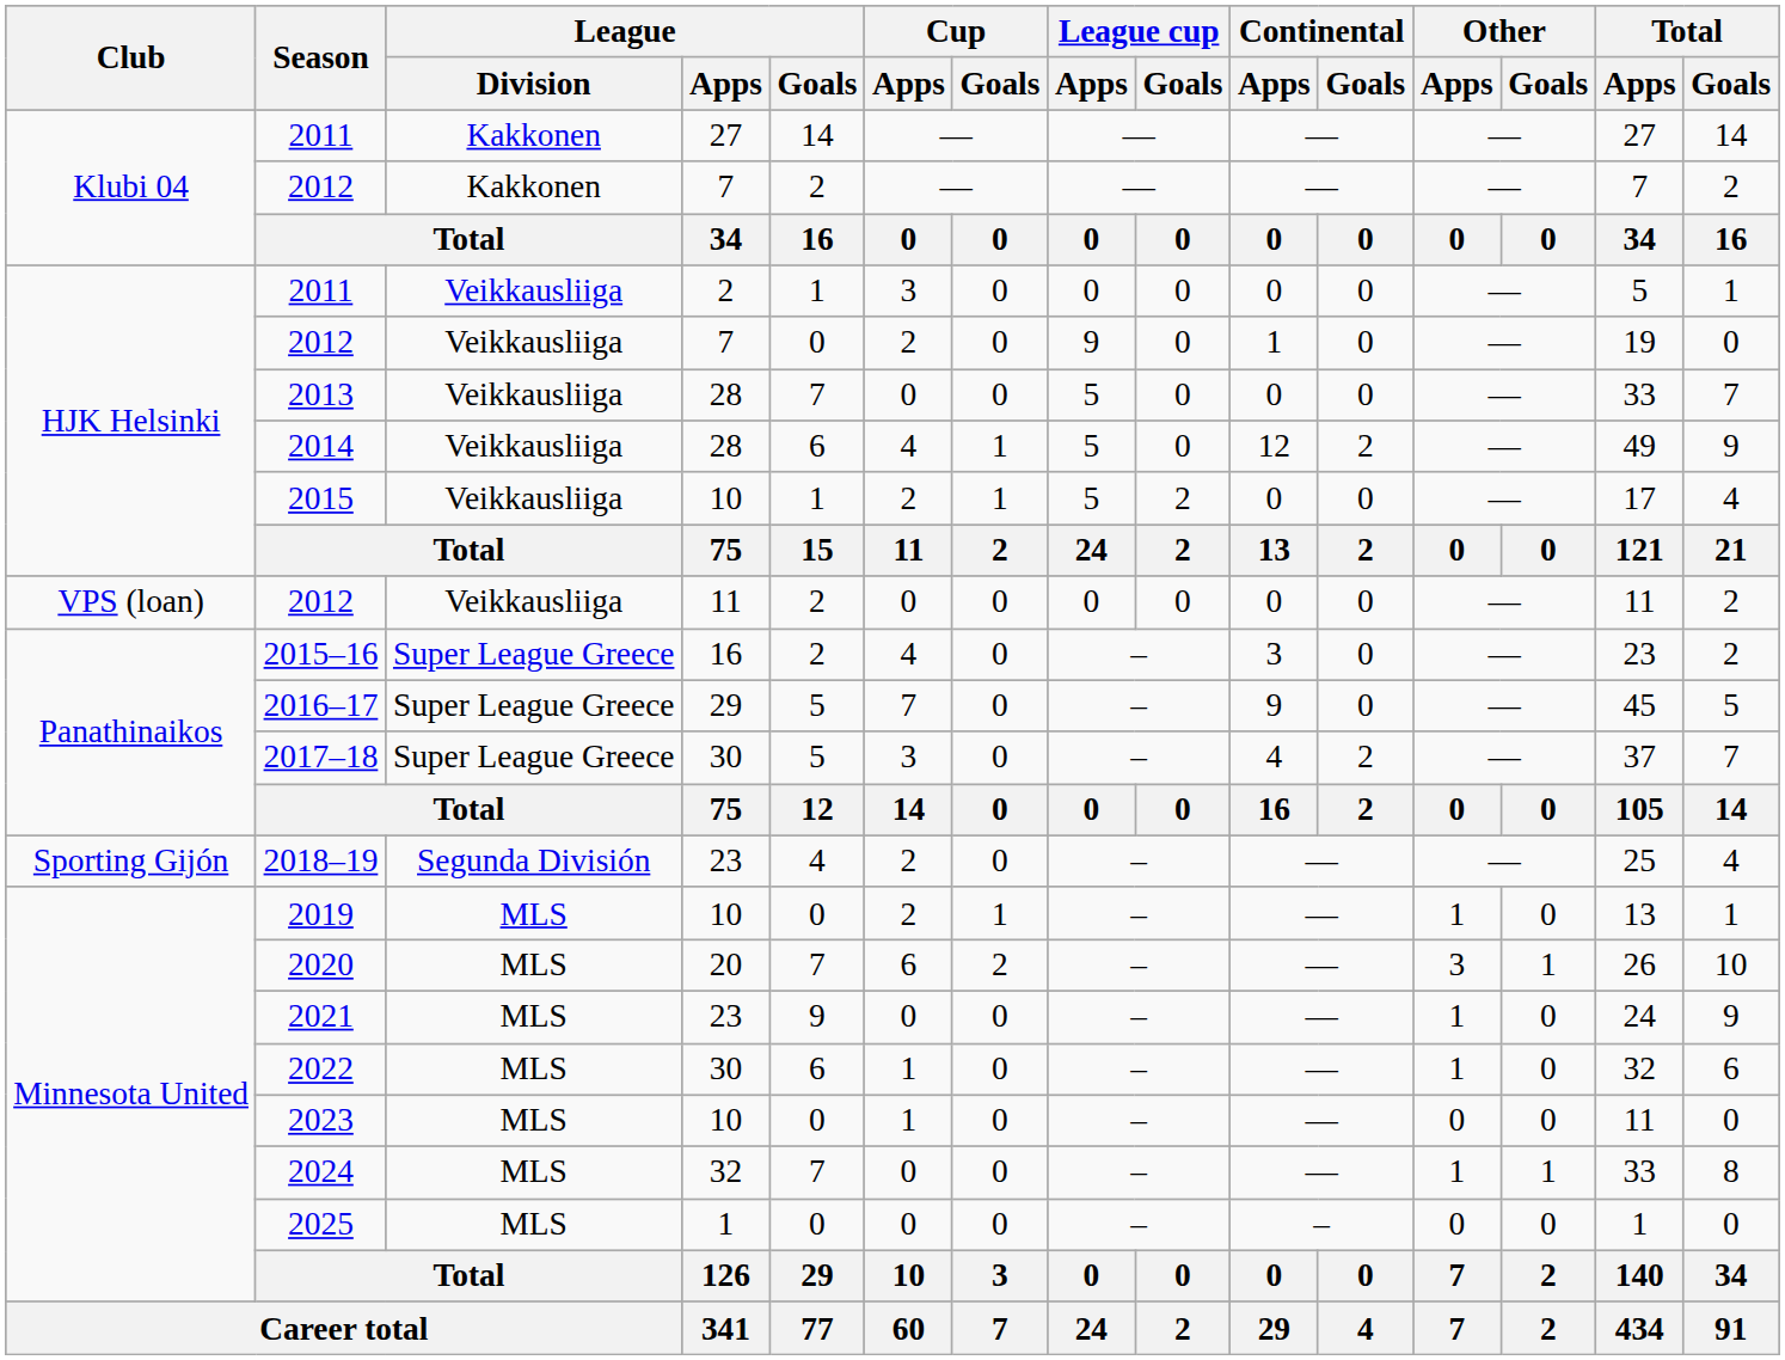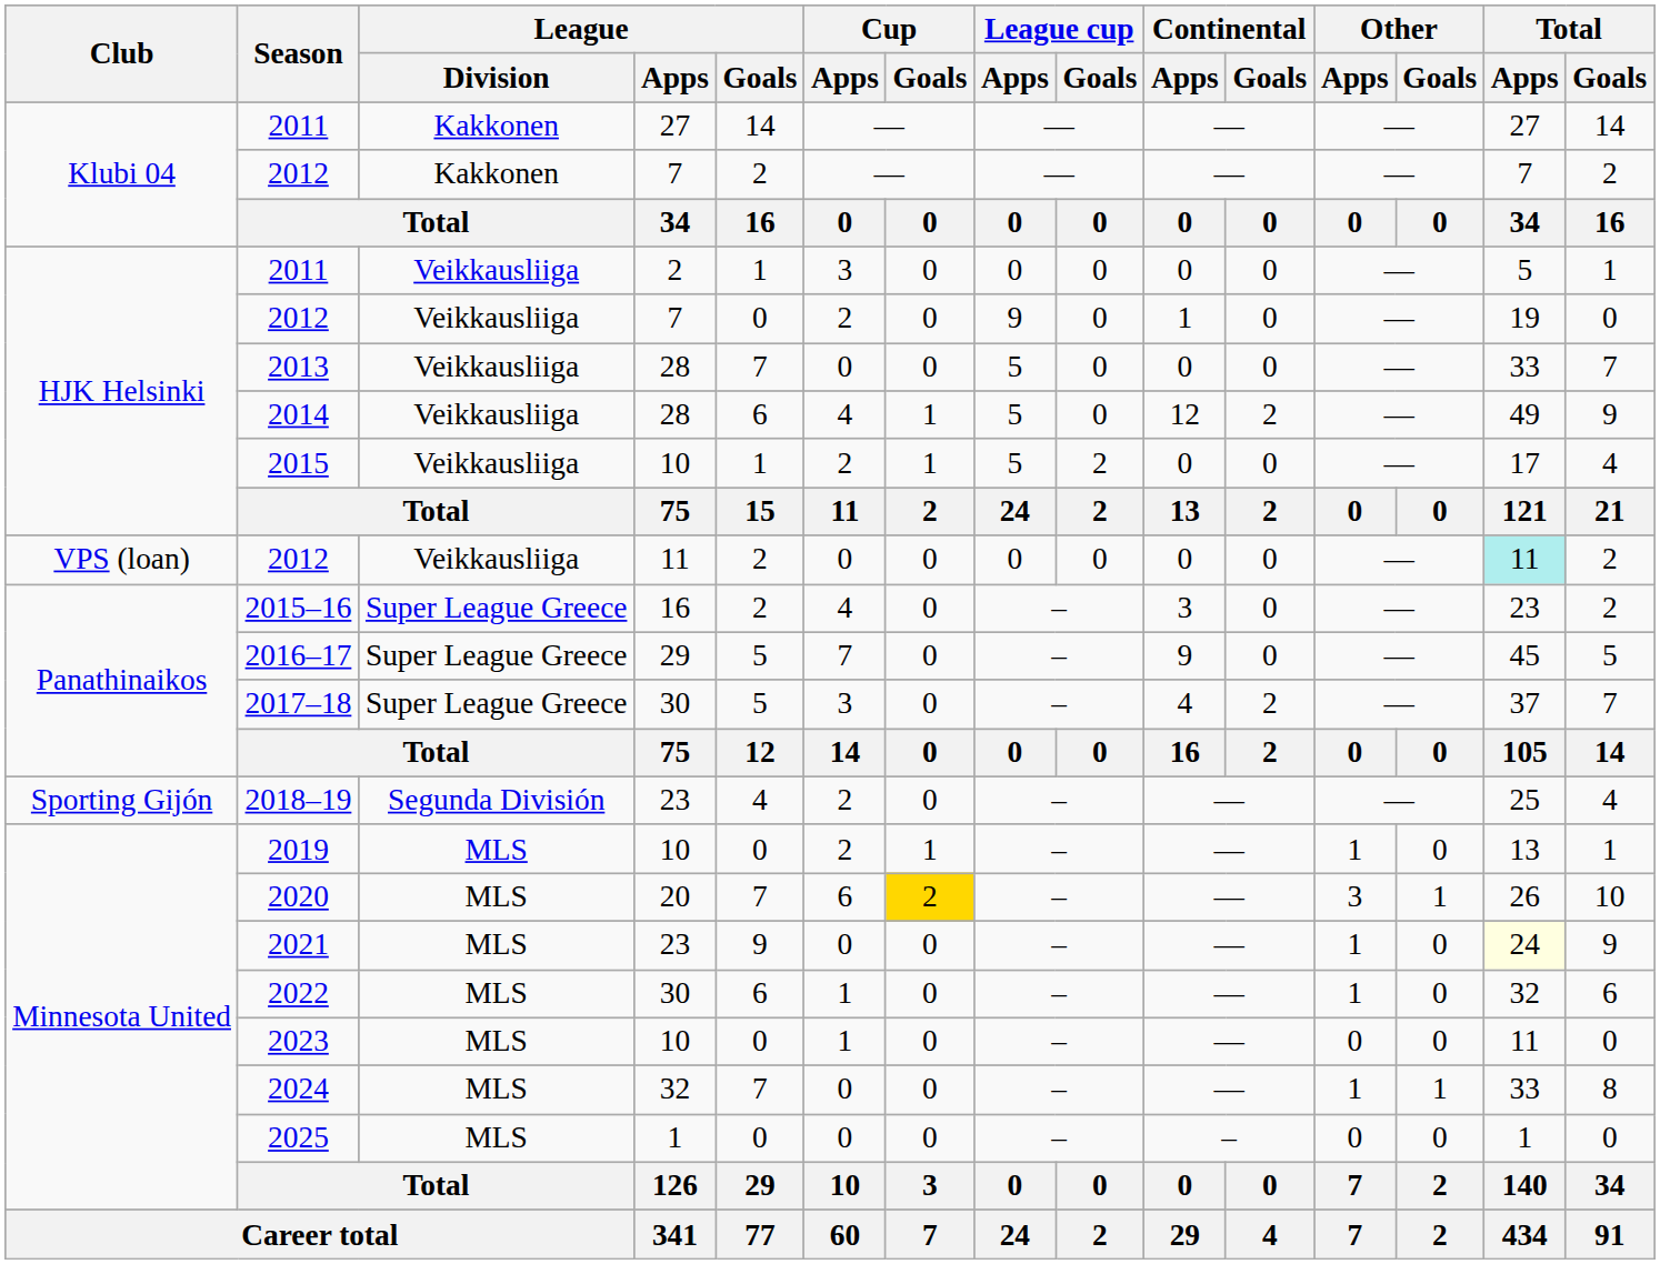 <table class="wikitable" style="text-align:center">
 <tr>
 <th rowspan="2">Club</th>
 <th rowspan="2">Season</th>
 <th colspan="3">League</th>
 <th colspan="2">Cup</th>
 <th colspan="2"><a href='#'>League cup</a></th>
 <th colspan="2">Continental</th>
 <th colspan="2">Other</th>
 <th colspan="2">Total</th>
 </tr>
 <tr>
 <th>Division</th>
 <th>Apps</th>
 <th>Goals</th>
 <th>Apps</th>
 <th>Goals</th>
 <th>Apps</th>
 <th>Goals</th>
 <th>Apps</th>
 <th>Goals</th>
 <th>Apps</th>
 <th>Goals</th>
 <th>Apps</th>
 <th>Goals</th>
 </tr>
 <tr>
 <td rowspan="3"><a href='#'>Klubi 04</a></td>
 <td><a href='#'>2011</a></td>
 <td><a href='#'>Kakkonen</a></td>
 <td>27</td>
 <td>14</td>
 <td colspan="2">—</td>
 <td colspan="2">—</td>
 <td colspan="2">—</td>
 <td colspan="2">—</td>
 <td>27</td>
 <td>14</td>
 </tr>
 <tr>
 <td><a href='#'>2012</a></td>
 <td>Kakkonen</td>
 <td>7</td>
 <td>2</td>
 <td colspan="2">—</td>
 <td colspan="2">—</td>
 <td colspan="2">—</td>
 <td colspan="2">—</td>
 <td>7</td>
 <td>2</td>
 </tr>
 <tr>
 <th colspan="2">Total</th>
 <th>34</th>
 <th>16</th>
 <th>0</th>
 <th>0</th>
 <th>0</th>
 <th>0</th>
 <th>0</th>
 <th>0</th>
 <th>0</th>
 <th>0</th>
 <th>34</th>
 <th>16</th>
 </tr>
 <tr>
 <td rowspan="6"><a href='#'>HJK Helsinki</a></td>
 <td><a href='#'>2011</a></td>
 <td><a href='#'>Veikkausliiga</a></td>
 <td>2</td>
 <td>1</td>
 <td>3</td>
 <td>0</td>
 <td>0</td>
 <td>0</td>
 <td>0</td>
 <td>0</td>
 <td colspan="2">—</td>
 <td>5</td>
 <td>1</td>
 </tr>
 <tr>
 <td><a href='#'>2012</a></td>
 <td>Veikkausliiga</td>
 <td>7</td>
 <td>0</td>
 <td>2</td>
 <td>0</td>
 <td>9</td>
 <td>0</td>
 <td>1</td>
 <td>0</td>
 <td colspan="2">—</td>
 <td>19</td>
 <td>0</td>
 </tr>
 <tr>
 <td><a href='#'>2013</a></td>
 <td>Veikkausliiga</td>
 <td>28</td>
 <td>7</td>
 <td>0</td>
 <td>0</td>
 <td>5</td>
 <td>0</td>
 <td>0</td>
 <td>0</td>
 <td colspan="2">—</td>
 <td>33</td>
 <td>7</td>
 </tr>
 <tr>
 <td><a href='#'>2014</a></td>
 <td>Veikkausliiga</td>
 <td>28</td>
 <td>6</td>
 <td>4</td>
 <td>1</td>
 <td>5</td>
 <td>0</td>
 <td>12</td>
 <td>2</td>
 <td colspan="2">—</td>
 <td>49</td>
 <td>9</td>
 </tr>
 <tr>
 <td><a href='#'>2015</a></td>
 <td>Veikkausliiga</td>
 <td>10</td>
 <td>1</td>
 <td>2</td>
 <td>1</td>
 <td>5</td>
 <td>2</td>
 <td>0</td>
 <td>0</td>
 <td colspan="2">—</td>
 <td>17</td>
 <td>4</td>
 </tr>
 <tr>
 <th colspan="2">Total</th>
 <th>75</th>
 <th>15</th>
 <th>11</th>
 <th>2</th>
 <th>24</th>
 <th>2</th>
 <th>13</th>
 <th>2</th>
 <th>0</th>
 <th>0</th>
 <th>121</th>
 <th>21</th>
 </tr>
 <tr>
 <td><a href='#'>VPS</a> (loan)</td>
 <td><a href='#'>2012</a></td>
 <td>Veikkausliiga</td>
 <td>11</td>
 <td>2</td>
 <td>0</td>
 <td>0</td>
 <td>0</td>
 <td>0</td>
 <td>0</td>
 <td>0</td>
 <td colspan="2">—</td>
-<td>11</td>
+<td style="background: paleturquoise;">11</td>
 <td>2</td>
 </tr>
 <tr>
 <td rowspan="4"><a href='#'>Panathinaikos</a></td>
 <td><a href='#'>2015–16</a></td>
 <td><a href='#'>Super League Greece</a></td>
 <td>16</td>
 <td>2</td>
 <td>4</td>
 <td>0</td>
 <td colspan=2>–</td>
 <td>3</td>
 <td>0</td>
 <td colspan="2">—</td>
 <td>23</td>
 <td>2</td>
 </tr>
 <tr>
 <td><a href='#'>2016–17</a></td>
 <td>Super League Greece</td>
 <td>29</td>
 <td>5</td>
 <td>7</td>
 <td>0</td>
 <td colspan=2>–</td>
 <td>9</td>
 <td>0</td>
 <td colspan="2">—</td>
 <td>45</td>
 <td>5</td>
 </tr>
 <tr>
 <td><a href='#'>2017–18</a></td>
 <td>Super League Greece</td>
 <td>30</td>
 <td>5</td>
 <td>3</td>
 <td>0</td>
 <td colspan=2>–</td>
 <td>4</td>
 <td>2</td>
 <td colspan="2">—</td>
 <td>37</td>
 <td>7</td>
 </tr>
 <tr>
 <th colspan="2">Total</th>
 <th>75</th>
 <th>12</th>
 <th>14</th>
 <th>0</th>
 <th>0</th>
 <th>0</th>
 <th>16</th>
 <th>2</th>
 <th>0</th>
 <th>0</th>
 <th>105</th>
 <th>14</th>
 </tr>
 <tr>
 <td><a href='#'>Sporting Gijón</a></td>
 <td><a href='#'>2018–19</a></td>
 <td><a href='#'>Segunda División</a></td>
 <td>23</td>
 <td>4</td>
 <td>2</td>
 <td>0</td>
 <td colspan=2>–</td>
 <td colspan="2">—</td>
 <td colspan="2">—</td>
 <td>25</td>
 <td>4</td>
 </tr>
 <tr>
 <td rowspan="8"><a href='#'>Minnesota United</a></td>
 <td><a href='#'>2019</a></td>
 <td><a href='#'>MLS</a></td>
 <td>10</td>
 <td>0</td>
 <td>2</td>
 <td>1</td>
 <td colspan=2>–</td>
 <td colspan="2">—</td>
 <td>1</td>
 <td>0</td>
 <td>13</td>
 <td>1</td>
 </tr>
 <tr>
 <td><a href='#'>2020</a></td>
 <td>MLS</td>
 <td>20</td>
 <td>7</td>
 <td>6</td>
-<td>2</td>
+<td style="background: gold;">2</td>
 <td colspan=2>–</td>
 <td colspan="2">—</td>
 <td>3</td>
 <td>1</td>
 <td>26</td>
 <td>10</td>
 </tr>
 <tr>
 <td><a href='#'>2021</a></td>
 <td>MLS</td>
 <td>23</td>
 <td>9</td>
 <td>0</td>
 <td>0</td>
 <td colspan=2>–</td>
 <td colspan="2">—</td>
 <td>1</td>
 <td>0</td>
-<td>24</td>
+<td style="background: lightyellow;">24</td>
 <td>9</td>
 </tr>
 <tr>
 <td><a href='#'>2022</a></td>
 <td>MLS</td>
 <td>30</td>
 <td>6</td>
 <td>1</td>
 <td>0</td>
 <td colspan=2>–</td>
 <td colspan="2">—</td>
 <td>1</td>
 <td>0</td>
 <td>32</td>
 <td>6</td>
 </tr>
 <tr>
 <td><a href='#'>2023</a></td>
 <td>MLS</td>
 <td>10</td>
 <td>0</td>
 <td>1</td>
 <td>0</td>
 <td colspan=2>–</td>
 <td colspan="2">—</td>
 <td>0</td>
 <td>0</td>
 <td>11</td>
 <td>0</td>
 </tr>
 <tr>
 <td><a href='#'>2024</a></td>
 <td>MLS</td>
 <td>32</td>
 <td>7</td>
 <td>0</td>
 <td>0</td>
 <td colspan=2>–</td>
 <td colspan="2">—</td>
 <td>1</td>
 <td>1</td>
 <td>33</td>
 <td>8</td>
 </tr>
 <tr>
 <td><a href='#'>2025</a></td>
 <td>MLS</td>
 <td>1</td>
 <td>0</td>
 <td>0</td>
 <td>0</td>
 <td colspan=2>–</td>
 <td colspan=2>–</td>
 <td>0</td>
 <td>0</td>
 <td>1</td>
 <td>0</td>
 </tr>
 <tr>
 <th colspan="2">Total</th>
 <th>126</th>
 <th>29</th>
 <th>10</th>
 <th>3</th>
 <th>0</th>
 <th>0</th>
 <th>0</th>
 <th>0</th>
 <th>7</th>
 <th>2</th>
 <th>140</th>
 <th>34</th>
 </tr>
 <tr>
 <th colspan="3">Career total</th>
 <th>341</th>
 <th>77</th>
 <th>60</th>
 <th>7</th>
 <th>24</th>
 <th>2</th>
 <th>29</th>
 <th>4</th>
 <th>7</th>
 <th>2</th>
 <th>434</th>
 <th>91</th>
 </tr>
 </table>
